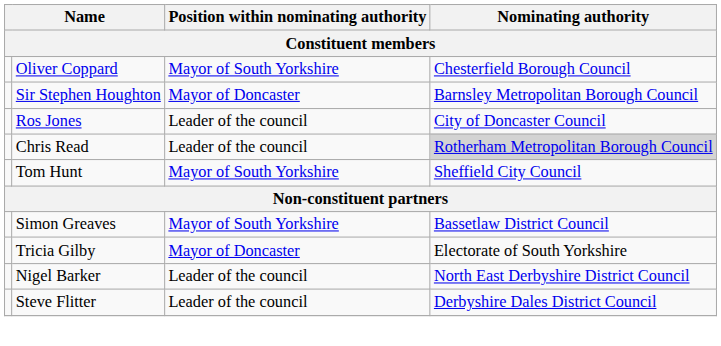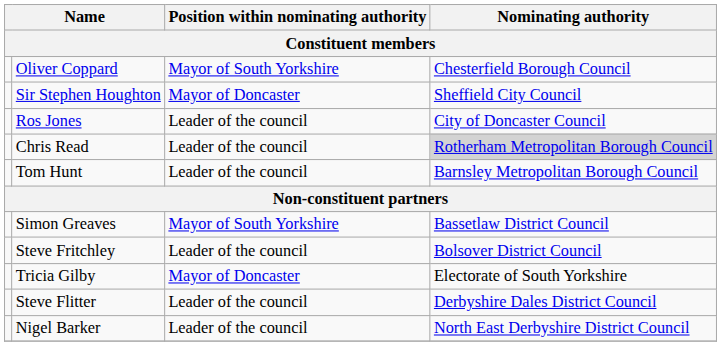 <table class="wikitable sortable">
 <tr>
 <th colspan=2>Name</th>
 <th>Position within nominating authority</th>
 <th>Nominating authority</th>
 </tr>
 <tr>
 <th colspan=4>Constituent members</th>
 </tr>
 <tr>
 <td style="background:"></td>
 <td><a href='#'>Oliver Coppard</a></td>
 <td><a href='#'>Mayor of South Yorkshire</a></td>
 <td><a href='#'>Chesterfield Borough Council</a></td>
 </tr>
 <tr>
 <td style="background:"></td>
 <td><a href='#'>Sir Stephen Houghton</a></td>
 <td><a href='#'>Mayor of Doncaster</a></td>
-<td><a href='#'>Barnsley Metropolitan Borough Council</a></td>
+<td><a href='#'>Sheffield City Council</a></td>
 </tr>
 <tr>
 <td style="background:"></td>
 <td><a href='#'>Ros Jones</a></td>
 <td>Leader of the council</td>
 <td><a href='#'>City of Doncaster Council</a></td>
 </tr>
 <tr>
 <td style="background:"></td>
 <td>Chris Read</td>
 <td>Leader of the council</td>
 <td style="background: lightgrey;"><a href='#'>Rotherham Metropolitan Borough Council</a></td>
 </tr>
 <tr>
 <td style="background:"></td>
 <td>Tom Hunt</td>
-<td><a href='#'>Mayor of South Yorkshire</a></td>
-<td><a href='#'>Sheffield City Council</a></td>
+<td>Leader of the council</td>
+<td><a href='#'>Barnsley Metropolitan Borough Council</a></td>
 </tr>
 <tr>
 <th colspan=4>Non-constituent partners</th>
 </tr>
 <tr>
 <td style="background:"></td>
 <td>Simon Greaves</td>
 <td><a href='#'>Mayor of South Yorkshire</a></td>
 <td><a href='#'>Bassetlaw District Council</a></td>
 </tr>
 <tr>
 <td style="background:"></td>
+<td>Steve Fritchley</td>
+<td>Leader of the council</td>
+<td><a href='#'>Bolsover District Council</a></td>
+</tr>
+<tr>
+<td style="background:"></td>
 <td>Tricia Gilby</td>
 <td><a href='#'>Mayor of Doncaster</a></td>
 <td>Electorate of South Yorkshire</td>
+</tr>
+<tr>
+<td style="background:"></td>
+<td>Steve Flitter</td>
+<td>Leader of the council</td>
+<td><a href='#'>Derbyshire Dales District Council</a></td>
 </tr>
 <tr>
 <td style="background:"></td>
 <td>Nigel Barker</td>
 <td>Leader of the council</td>
 <td><a href='#'>North East Derbyshire District Council</a></td>
 </tr>
 <tr>
-<td style="background:"></td>
-<td>Steve Flitter</td>
-<td>Leader of the council</td>
-<td><a href='#'>Derbyshire Dales District Council</a></td>
-</tr>
-<tr>
 </tr>
 </table>
